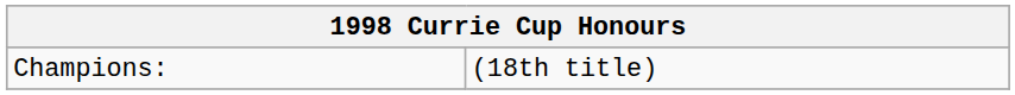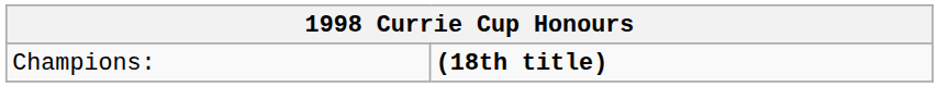 <table class="wikitable" style="text-align:left; font-size:100%; width:40%; margin:1em auto 1em auto;">
 <tr>
 <th colspan=2>1998 Currie Cup Honours</th>
 </tr>
 <tr>
 <td>Champions:</td>
-<td> (18th title)</td>
+<td><strong> (18th title)</strong></td>
 </tr>
 </table>
